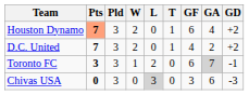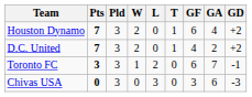 <table class="wikitable" style="text-align: center;">
 <tr>
 <th colspan=2>Team</th>
 <th width="20">Pts</th>
 <th width="20">Pld</th>
 <th width="20">W</th>
 <th width="20">L</th>
 <th width="20">T</th>
 <th width="20">GF</th>
 <th width="20">GA</th>
 <th width="20">GD</th>
 </tr>
 <tr>
 <td colspan=2 style="text-align:left;"><a href='#'>Houston Dynamo</a></td>
-<td style="background: lightsalmon;"><strong>7</strong></td>
+<td><strong>7</strong></td>
 <td>3</td>
 <td>2</td>
 <td>0</td>
 <td>1</td>
 <td>6</td>
 <td>4</td>
 <td>+2</td>
 </tr>
 <tr>
 <td colspan=2 style="text-align:left;"><a href='#'>D.C. United</a></td>
 <td><strong>7</strong></td>
 <td>3</td>
 <td>2</td>
 <td>0</td>
 <td>1</td>
 <td>4</td>
 <td>2</td>
 <td>+2</td>
 </tr>
 <tr>
 <td colspan=2 style="text-align:left;"><a href='#'>Toronto FC</a></td>
 <td><strong>3</strong></td>
 <td>3</td>
 <td>1</td>
 <td>2</td>
 <td>0</td>
 <td>6</td>
-<td style="background: lightgrey;">7</td>
+<td>7</td>
 <td>-1</td>
 </tr>
 <tr>
 <td colspan=2 style="text-align:left;"><a href='#'>Chivas USA</a></td>
 <td><strong>0</strong></td>
 <td>3</td>
 <td>0</td>
-<td style="background: lightgrey;">3</td>
+<td>3</td>
 <td>0</td>
 <td>3</td>
 <td>6</td>
 <td>-3</td>
 </tr>
 </table>
